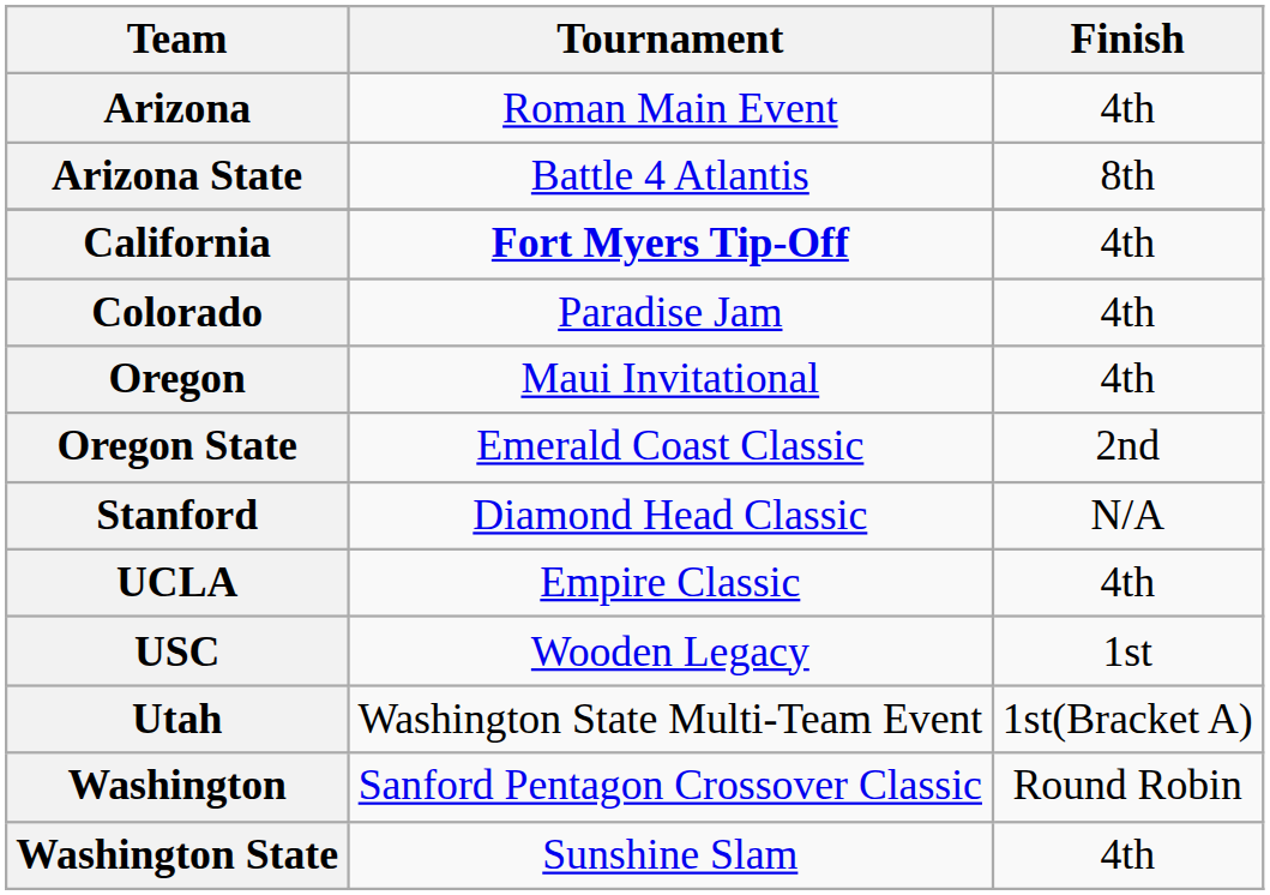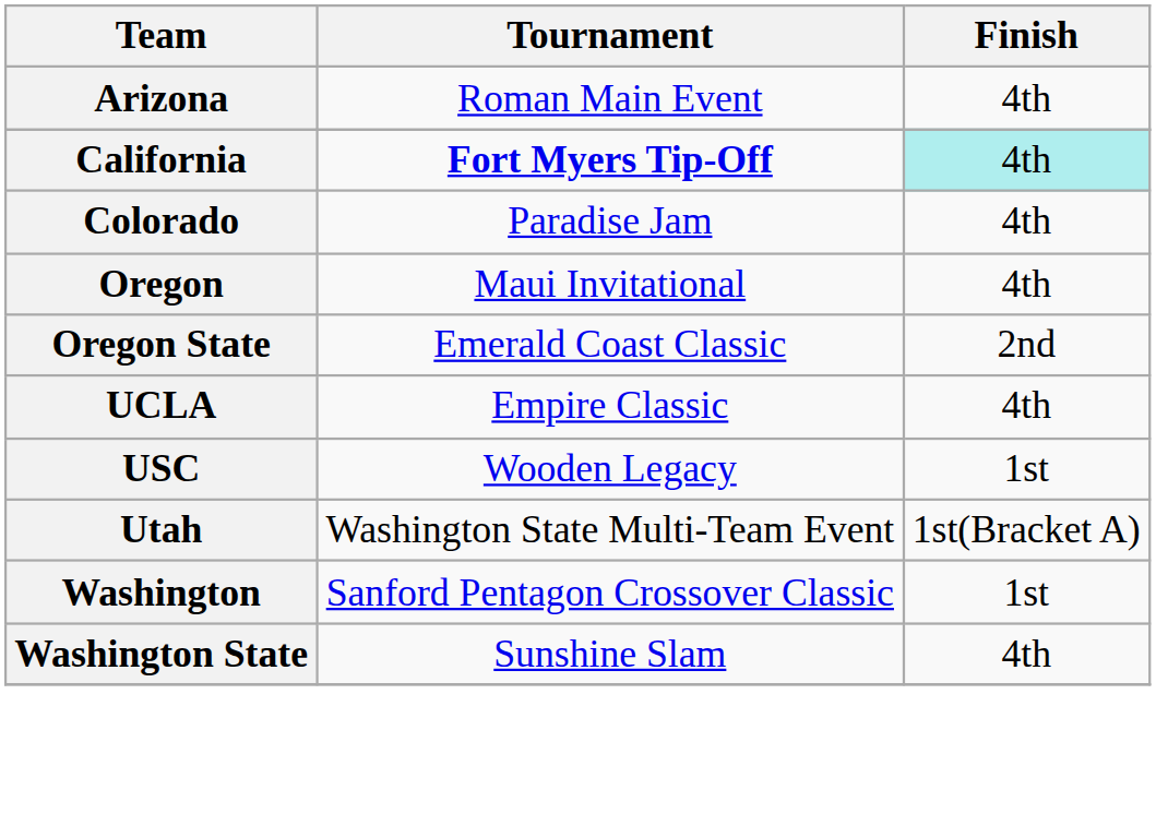 <table class="wikitable">
 <tr>
 <th>Team</th>
 <th>Tournament</th>
 <th>Finish</th>
 </tr>
 <tr style="text-align:center;">
 <th>Arizona</th>
 <td><a href='#'>Roman Main Event</a></td>
 <td>4th </td>
 </tr>
 <tr style="text-align:center;">
-<th>Arizona State</th>
-<td><a href='#'>Battle 4 Atlantis</a></td>
-<td>8th </td>
-</tr>
-<tr style="text-align:center;">
 </tr>
 <tr style="text-align:center;">
 <th>California</th>
 <td><strong><a href='#'>Fort Myers Tip-Off</a></strong></td>
-<td>4th </td>
+<td style="background: paleturquoise;">4th </td>
 </tr>
 <tr style="text-align:center;">
 <th>Colorado</th>
 <td><a href='#'>Paradise Jam</a></td>
 <td>4th</td>
 </tr>
 <tr style="text-align:center;">
 <th>Oregon</th>
 <td><a href='#'>Maui Invitational</a></td>
 <td>4th </td>
 </tr>
 <tr style="text-align:center;">
 <th>Oregon State</th>
 <td><a href='#'>Emerald Coast Classic</a></td>
 <td>2nd</td>
-</tr>
-<tr style="text-align:center;">
-<th>Stanford</th>
-<td><a href='#'>Diamond Head Classic</a></td>
-<td>N/A</td>
 </tr>
 <tr style="text-align:center;">
 <th>UCLA</th>
 <td><a href='#'>Empire Classic</a></td>
 <td>4th</td>
 </tr>
 <tr style="text-align:center;">
 <th>USC</th>
 <td><a href='#'>Wooden Legacy</a></td>
 <td>1st</td>
 </tr>
 <tr style="text-align:center;">
 <th>Utah</th>
 <td>Washington State Multi-Team Event</td>
 <td>1st(Bracket A)</td>
 </tr>
 <tr style="text-align:center;">
 <th>Washington</th>
 <td><a href='#'>Sanford Pentagon Crossover Classic</a></td>
-<td>Round Robin</td>
+<td>1st</td>
 </tr>
 <tr style="text-align:center;">
 <th>Washington State</th>
 <td><a href='#'>Sunshine Slam</a></td>
 <td>4th</td>
 </tr>
 <tr>
 </tr>
 </table>
